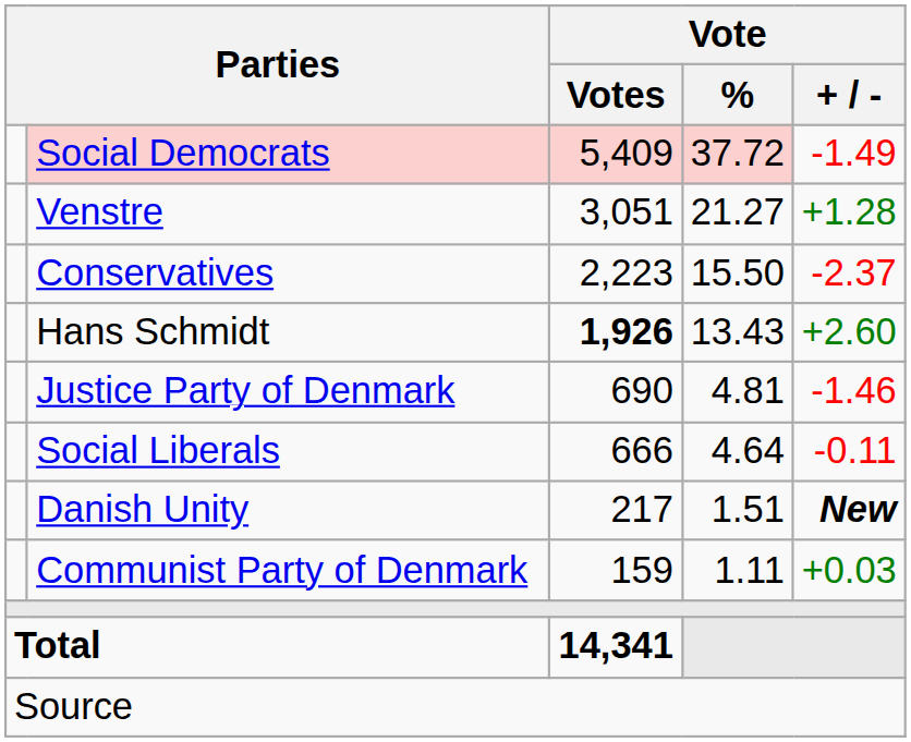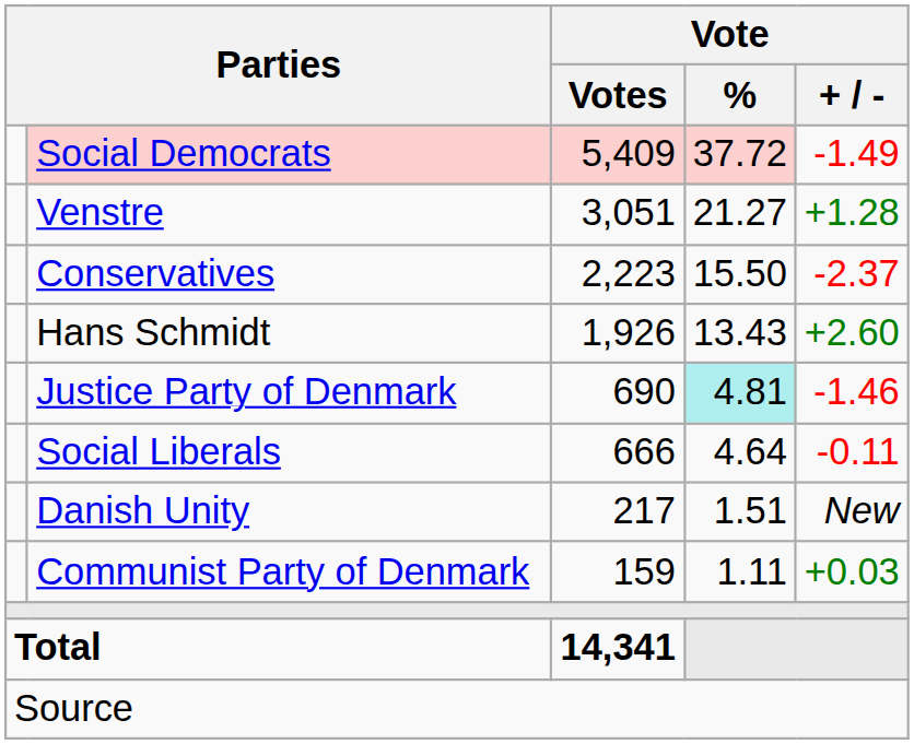 <table class="wikitable" style="text-align:right;">
 <tr>
 <th style="text-align:centre;" rowspan="2" colspan="2" width="225">Parties</th>
 <th colspan="3">Vote</th>
 </tr>
 <tr>
 <th width="15">Votes</th>
 <th width="15">%</th>
 <th width="15">+ / -</th>
 </tr>
 <tr>
 <td width="2" style="color:inherit;background:"></td>
 <td bgcolor=#fbd0ce  align="left"><a href='#'>Social Democrats</a></td>
 <td bgcolor=#fbd0ce>5,409</td>
 <td bgcolor=#fbd0ce>37.72</td>
 <td style=color:red;>-1.49</td>
 </tr>
 <tr>
 <td width="2" style="color:inherit;background:"></td>
 <td align="left"><a href='#'>Venstre</a></td>
 <td>3,051</td>
 <td>21.27</td>
 <td style=color:green;>+1.28</td>
 </tr>
 <tr>
 <td width="2" style="color:inherit;background:"></td>
 <td align="left"><a href='#'>Conservatives</a></td>
 <td>2,223</td>
 <td>15.50</td>
 <td style=color:red;>-2.37</td>
 </tr>
 <tr>
 <td width="2" style="color:inherit;background:"></td>
 <td align="left">Hans Schmidt</td>
-<td><strong>1,926</strong></td>
+<td>1,926</td>
 <td>13.43</td>
 <td style=color:green;>+2.60</td>
 </tr>
 <tr>
 <td width="2" style="color:inherit;background:"></td>
 <td align="left"><a href='#'>Justice Party of Denmark</a></td>
 <td>690</td>
-<td>4.81</td>
+<td style="background: paleturquoise;">4.81</td>
 <td style=color:red;>-1.46</td>
 </tr>
 <tr>
 <td width="2" style="color:inherit;background:"></td>
 <td align="left"><a href='#'>Social Liberals</a></td>
 <td>666</td>
 <td>4.64</td>
 <td style=color:red;>-0.11</td>
 </tr>
 <tr>
 <td width="2" style="color:inherit;background:"></td>
 <td align="left"><a href='#'>Danish Unity</a></td>
 <td>217</td>
 <td>1.51</td>
-<td><strong><em>New</em></strong></td>
+<td><em>New</em></td>
 </tr>
 <tr>
 <td width="2" style="color:inherit;background:"></td>
 <td align="left"><a href='#'>Communist Party of Denmark</a></td>
 <td>159</td>
 <td>1.11</td>
 <td style=color:green;>+0.03</td>
 </tr>
 <tr>
 <td colspan="7" bgcolor="#E9E9E9"></td>
 </tr>
 <tr>
 <td align="left" colspan="2"><strong>Total</strong></td>
 <td><strong>14,341</strong></td>
 <td bgcolor="#E9E9E9" colspan="2"></td>
 </tr>
 <tr>
 <td align="left" colspan="6">Source</td>
 </tr>
 </table>
